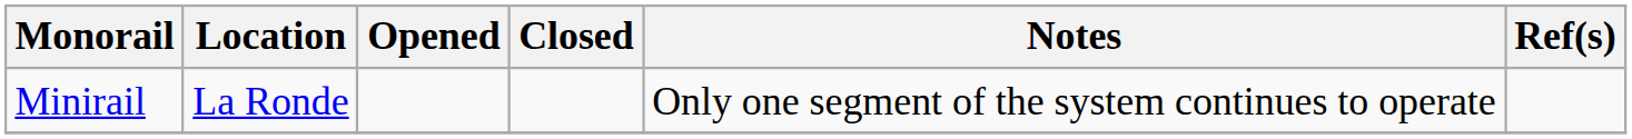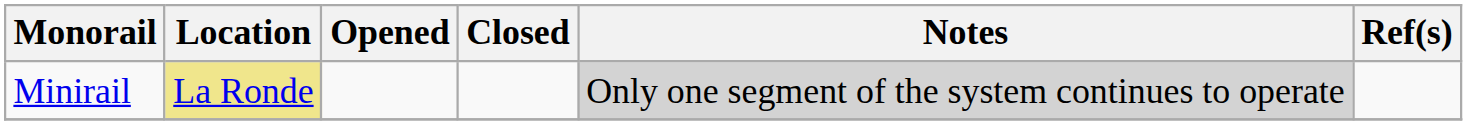 <table class="wikitable sortable">
 <tr>
 <th>Monorail</th>
 <th>Location</th>
 <th>Opened</th>
 <th>Closed</th>
 <th class="unsortable">Notes</th>
 <th class="unsortable">Ref(s)</th>
 </tr>
 <tr>
 <td><a href='#'>Minirail</a></td>
-<td><a href='#'>La Ronde</a></td>
+<td style="background: khaki;"><a href='#'>La Ronde</a></td>
 <td></td>
 <td></td>
-<td>Only one segment of the system continues to operate</td>
+<td style="background: lightgrey;">Only one segment of the system continues to operate</td>
 <td></td>
 </tr>
 <tr>
 </tr>
 </table>
